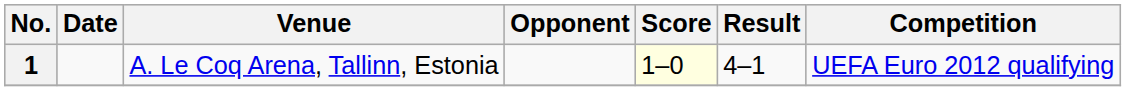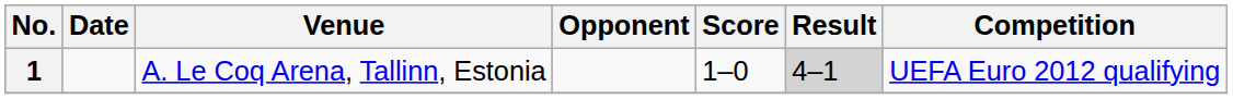 <table class="wikitable plainrowheaders sortable">
 <tr>
 <th scope=col>No.</th>
 <th scope=col data-sort-type=date>Date</th>
 <th scope=col>Venue</th>
 <th scope=col>Opponent</th>
 <th scope=col>Score</th>
 <th scope=col>Result</th>
 <th scope=col>Competition</th>
 </tr>
 <tr>
 <th scope=row>1</th>
 <td></td>
 <td><a href='#'>A. Le Coq Arena</a>, <a href='#'>Tallinn</a>, Estonia</td>
 <td></td>
-<td style="background: lightyellow;">1–0</td>
-<td>4–1</td>
+<td>1–0</td>
+<td style="background: lightgrey;">4–1</td>
 <td><a href='#'>UEFA Euro 2012 qualifying</a></td>
 </tr>
 <tr>
 </tr>
 </table>
